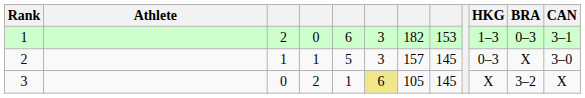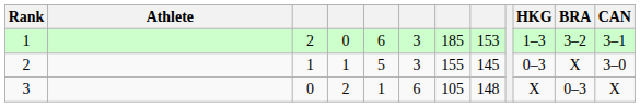 <table class="wikitable" style="text-align:center">
 <tr>
 <th>Rank</th>
 <th width=250>Athlete</th>
 <th width=30></th>
 <th width=30></th>
 <th width=30></th>
 <th width=30></th>
 <th width=30></th>
 <th width=30></th>
 <th rowspan=4></th>
 <th width=30>HKG</th>
 <th width=30>BRA</th>
 <th width=30>CAN</th>
 </tr>
 <tr bgcolor=#ccffcc>
 <td>1</td>
 <td align=left></td>
 <td>2</td>
 <td>0</td>
 <td>6</td>
 <td>3</td>
-<td>182</td>
+<td>185</td>
 <td>153</td>
 <td>1–3</td>
-<td>0–3</td>
+<td>3–2</td>
 <td>3–1</td>
 </tr>
 <tr>
 <td>2</td>
 <td align=left></td>
 <td>1</td>
 <td>1</td>
 <td>5</td>
 <td>3</td>
-<td>157</td>
+<td>155</td>
 <td>145</td>
 <td>0–3</td>
 <td>X</td>
 <td>3–0</td>
 </tr>
 <tr>
 <td>3</td>
 <td align=left></td>
 <td>0</td>
 <td>2</td>
 <td>1</td>
-<td style="background: khaki;">6</td>
+<td>6</td>
 <td>105</td>
-<td>145</td>
+<td>148</td>
 <td>X</td>
-<td>3–2</td>
+<td>0–3</td>
 <td>X</td>
 </tr>
 </table>
